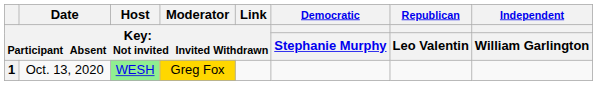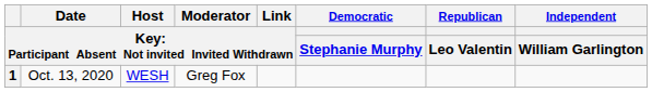 <table class="wikitable" style="text-align:center;">
 <tr>
 <th scope="col"></th>
 <th scope="col">Date</th>
 <th scope="col">Host</th>
 <th scope="col">Moderator</th>
 <th scope="col">Link</th>
 <th scope="col"><small><a href='#'>Democratic</a></small></th>
 <th scope="col"><small><a href='#'>Republican</a></small></th>
 <th scope="col"><small><a href='#'>Independent</a></small></th>
 </tr>
 <tr>
 <th colspan="5" rowspan="2">Key:<br> <small>Participant </small>  <small>Absent </small>  <small>Not invited </small>  <small>Invited  Withdrawn</small></th>
 <th scope="col" style="background:"></th>
 <th scope="col" style="background:"></th>
 <th scope="col" style="background:"></th>
 </tr>
 <tr>
 <th scope="col"><a href='#'>Stephanie Murphy</a></th>
 <th scope="col">Leo Valentin</th>
 <th scope="col">William Garlington</th>
 </tr>
 <tr>
 <th>1</th>
 <td style="white-space:nowrap;">Oct. 13, 2020</td>
-<td style="background: lightgreen; white-space:nowrap;"><a href='#'>WESH</a></td>
-<td style="background: gold; white-space:nowrap;">Greg Fox</td>
+<td style="white-space:nowrap;"><a href='#'>WESH</a></td>
+<td style="white-space:nowrap;">Greg Fox</td>
 <td style="white-space:nowrap;"></td>
 <td></td>
 <td></td>
 <td></td>
 </tr>
 </table>
